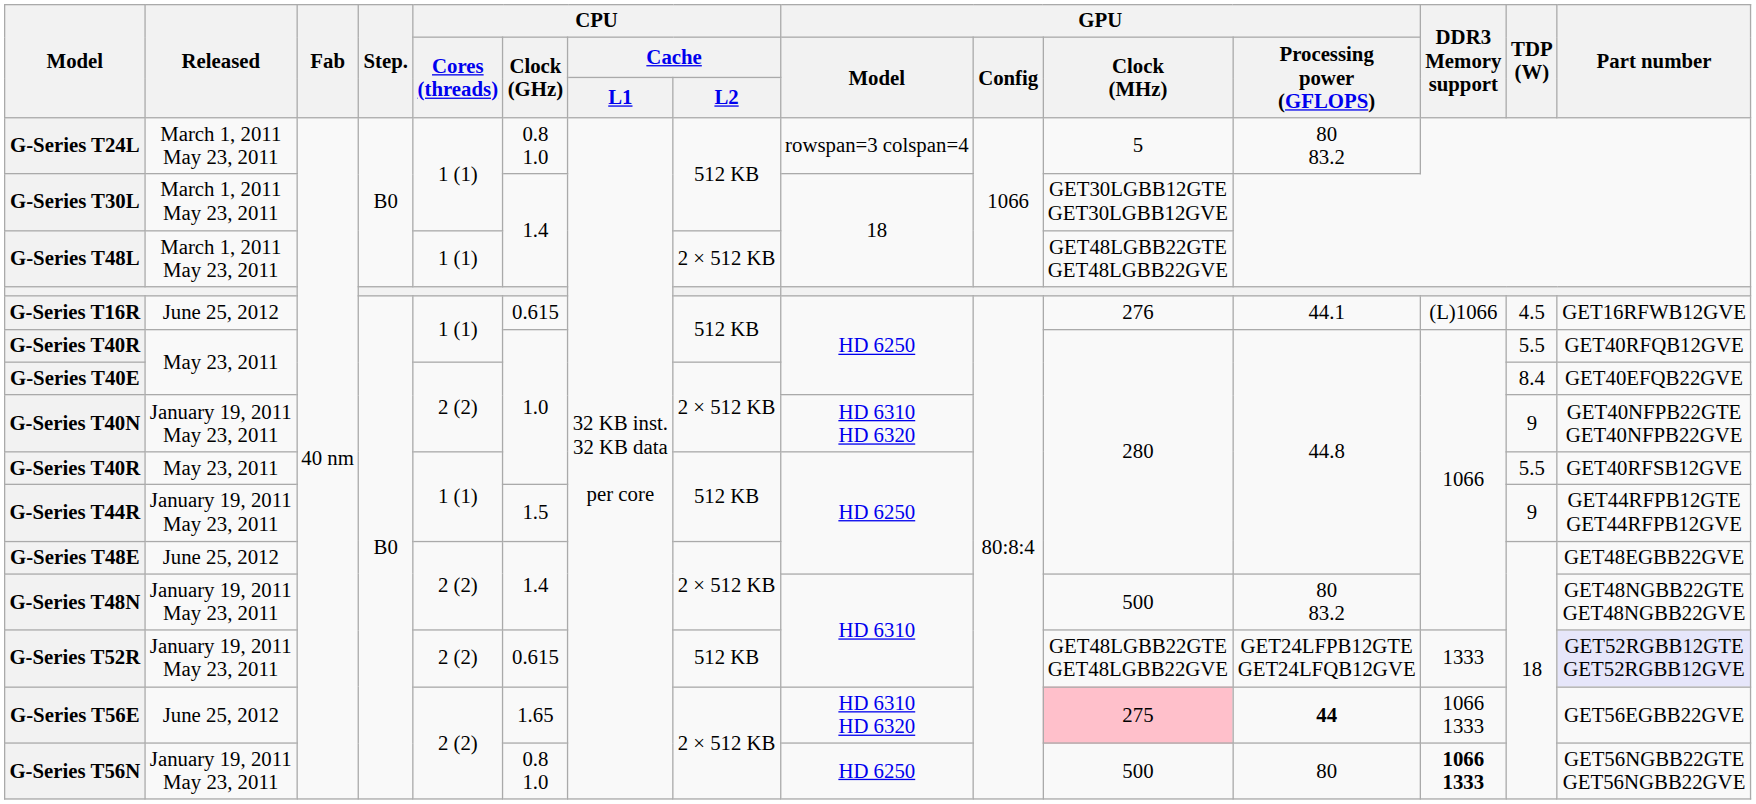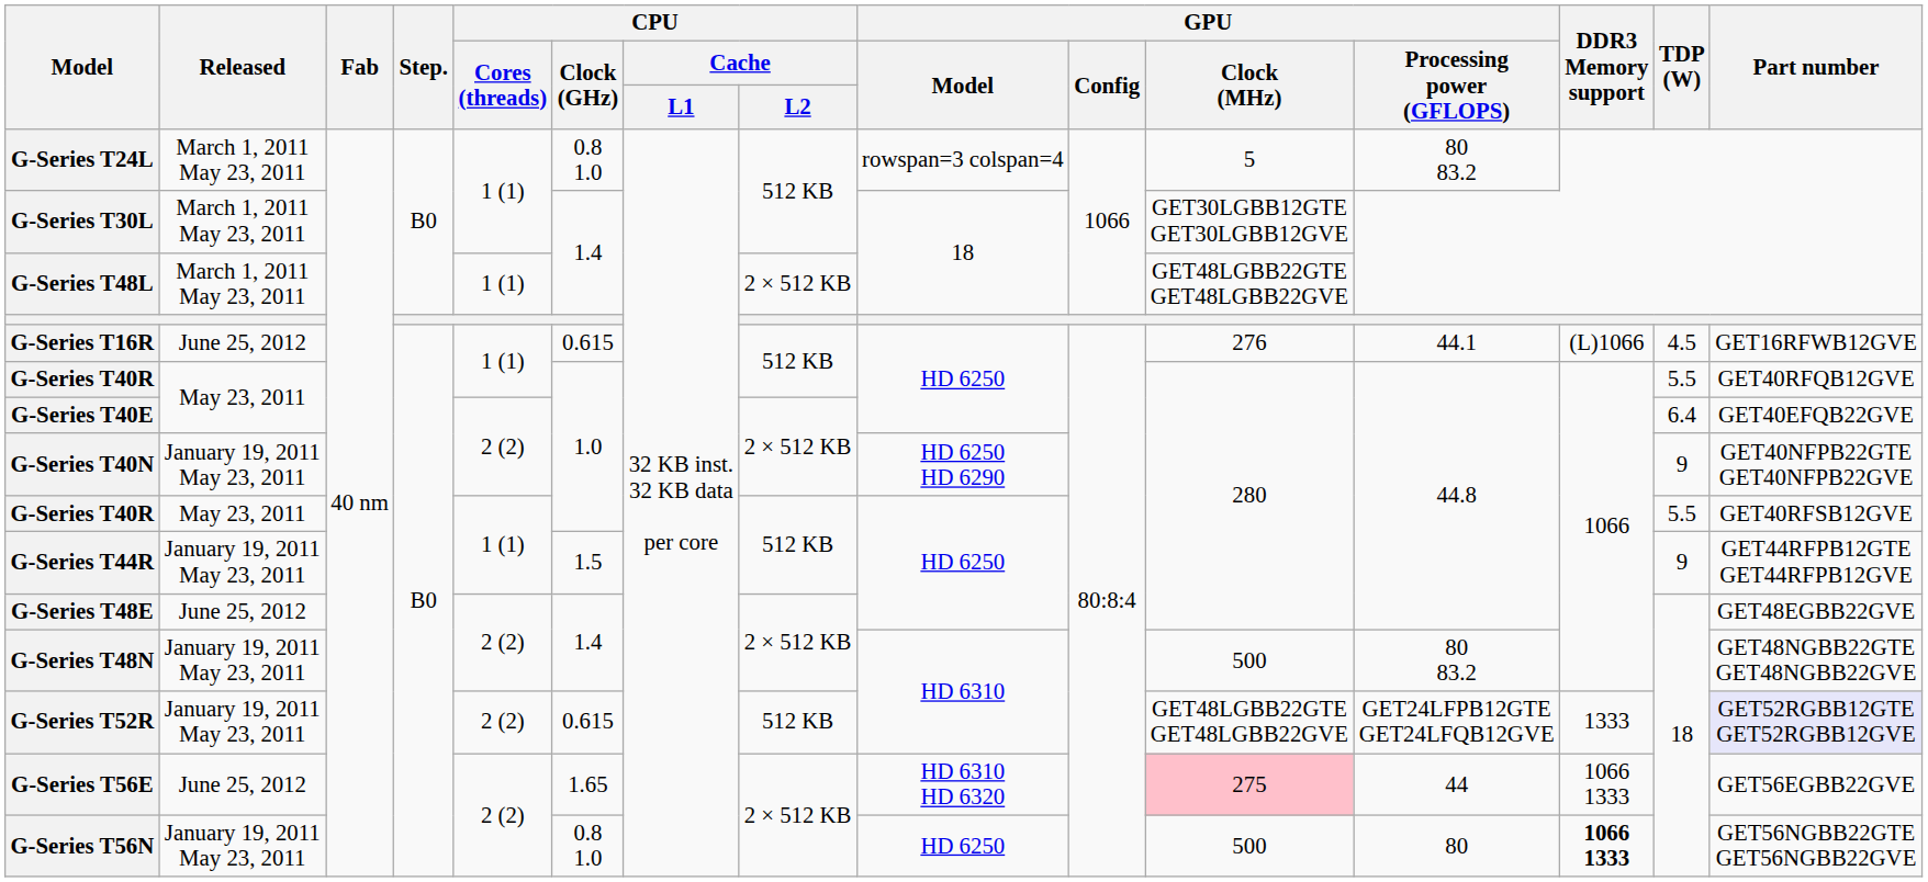 <table class="wikitable sortable sort-under" style="text-align: center">
 <tr>
 <th rowspan=3>Model</th>
 <th rowspan=3>Released</th>
 <th rowspan=3>Fab</th>
 <th rowspan=3>Step.</th>
 <th colspan="4">CPU</th>
 <th colspan=4>GPU</th>
 <th rowspan=3>DDR3<br>Memory<br>support</th>
 <th rowspan=3>TDP<br>(W)</th>
 <th rowspan=3>Part number</th>
 </tr>
 <tr>
 <th rowspan=2><a href='#'>Cores</a><br><a href='#'>(threads)</a></th>
 <th rowspan=2>Clock<br>(GHz)</th>
 <th colspan="2"><a href='#'>Cache</a></th>
 <th rowspan=2>Model</th>
 <th rowspan=2>Config</th>
 <th rowspan=2>Clock<br>(MHz)</th>
 <th rowspan=2>Processing<br>power<br>(<a href='#'>GFLOPS</a>)</th>
 </tr>
 <tr>
 <th><a href='#'>L1</a></th>
 <th><a href='#'>L2</a></th>
 </tr>
 <tr>
 <th>G-Series T24L</th>
 <td>March 1, 2011<br>May 23, 2011</td>
 <td rowspan=15>40 nm</td>
 <td rowspan=3>B0</td>
 <td rowspan="2">1 (1)</td>
 <td>0.8<br>1.0</td>
 <td rowspan=15>32 KB inst.<br>32 KB data<br><br>per core</td>
 <td rowspan=2>512 KB</td>
 <td>rowspan=3 colspan=4 </td>
 <td rowspan=3>1066</td>
 <td>5</td>
 <td>80<br> 83.2</td>
 </tr>
 <tr>
 <th>G-Series T30L</th>
 <td>March 1, 2011<br>May 23, 2011</td>
 <td rowspan=2>1.4</td>
 <td rowspan=2>18</td>
 <td>GET30LGBB12GTE<br>GET30LGBB12GVE</td>
 </tr>
 <tr>
 <th>G-Series T48L</th>
 <td>March 1, 2011<br>May 23, 2011</td>
 <td>1 (1)</td>
 <td>2 × 512 KB</td>
 <td>GET48LGBB22GTE<br>GET48LGBB22GVE</td>
 </tr>
 <tr>
 <th colspan="2"></th>
 <th colspan="3"></th>
 <th></th>
 <th colspan="7"></th>
 </tr>
 <tr>
 <th>G-Series T16R</th>
 <td>June 25, 2012</td>
 <td rowspan=11>B0</td>
 <td rowspan=2>1 (1)</td>
 <td>0.615</td>
 <td rowspan=2>512 KB</td>
 <td rowspan=3><a href='#'>HD 6250</a></td>
 <td rowspan=11>80:8:4</td>
 <td>276</td>
 <td>44.1</td>
 <td>(L)1066</td>
 <td>4.5</td>
 <td>GET16RFWB12GVE</td>
 </tr>
 <tr>
 <th>G-Series T40R</th>
 <td rowspan=2>May 23, 2011</td>
 <td rowspan=4>1.0</td>
 <td rowspan=6>280</td>
 <td rowspan=6>44.8</td>
 <td rowspan=7>1066</td>
 <td>5.5</td>
 <td>GET40RFQB12GVE</td>
 </tr>
 <tr>
 <th>G-Series T40E</th>
 <td rowspan=2>2 (2)</td>
 <td rowspan=2>2 × 512 KB</td>
-<td>8.4</td>
+<td>6.4</td>
 <td>GET40EFQB22GVE</td>
 </tr>
 <tr>
 <th>G-Series T40N</th>
 <td>January 19, 2011<br>May 23, 2011</td>
-<td><a href='#'>HD 6310</a><br><a href='#'>HD 6320</a></td>
+<td><a href='#'>HD 6250</a><br><a href='#'>HD 6290</a></td>
 <td>9</td>
 <td>GET40NFPB22GTE<br>GET40NFPB22GVE</td>
 </tr>
 <tr>
 <th>G-Series T40R</th>
 <td>May 23, 2011</td>
 <td rowspan=2>1 (1)</td>
 <td rowspan=2>512 KB</td>
 <td rowspan=3><a href='#'>HD 6250</a></td>
 <td>5.5</td>
 <td>GET40RFSB12GVE</td>
 </tr>
 <tr>
 <th>G-Series T44R</th>
 <td>January 19, 2011<br>May 23, 2011</td>
 <td>1.5</td>
 <td>9</td>
 <td>GET44RFPB12GTE<br>GET44RFPB12GVE</td>
 </tr>
 <tr>
 <th>G-Series T48E</th>
 <td>June 25, 2012</td>
 <td rowspan=2>2 (2)</td>
 <td rowspan=2>1.4</td>
 <td rowspan=2>2 × 512 KB</td>
 <td rowspan=5>18</td>
 <td>GET48EGBB22GVE</td>
 </tr>
 <tr>
 <th>G-Series T48N</th>
 <td>January 19, 2011<br> May 23, 2011</td>
 <td rowspan=2><a href='#'>HD 6310</a></td>
 <td>500</td>
 <td>80<br> 83.2</td>
 <td>GET48NGBB22GTE<br>GET48NGBB22GVE</td>
 </tr>
 <tr>
 <th>G-Series T52R</th>
 <td>January 19, 2011<br> May 23, 2011</td>
 <td>2 (2)</td>
 <td>0.615</td>
 <td>512 KB</td>
 <td>GET48LGBB22GTE<br>GET48LGBB22GVE</td>
 <td>GET24LFPB12GTE<br>GET24LFQB12GVE</td>
 <td>1333</td>
 <td style="background: lavender;">GET52RGBB12GTE<br>GET52RGBB12GVE</td>
 </tr>
 <tr>
 <th>G-Series T56E</th>
 <td>June 25, 2012</td>
 <td rowspan=2>2 (2)</td>
 <td>1.65</td>
 <td rowspan=2>2 × 512 KB</td>
 <td><a href='#'>HD 6310</a><br><a href='#'>HD 6320</a></td>
 <td style="background: pink;">275</td>
-<td><strong>44</strong></td>
+<td>44</td>
 <td>1066<br> 1333</td>
 <td>GET56EGBB22GVE</td>
 </tr>
 <tr>
 <th>G-Series T56N</th>
 <td>January 19, 2011<br> May 23, 2011</td>
 <td>0.8<br>1.0</td>
 <td><a href='#'>HD 6250</a></td>
 <td>500</td>
 <td>80</td>
 <td><strong>1066<br>1333</strong></td>
 <td>GET56NGBB22GTE<br>GET56NGBB22GVE</td>
 </tr>
 </table>
